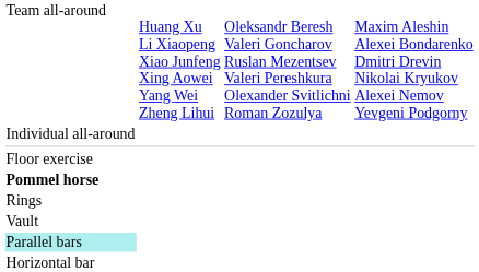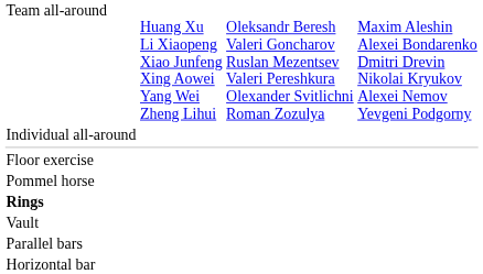 <table>
 <tr valign="top">
 <td>Team all-around<br></td>
 <td><br><a href='#'>Huang Xu</a><br><a href='#'>Li Xiaopeng</a><br><a href='#'>Xiao Junfeng</a><br><a href='#'>Xing Aowei</a><br><a href='#'>Yang Wei</a><br><a href='#'>Zheng Lihui</a></td>
 <td><br><a href='#'>Oleksandr Beresh</a><br><a href='#'>Valeri Goncharov</a><br><a href='#'>Ruslan Mezentsev</a><br><a href='#'>Valeri Pereshkura</a><br><a href='#'>Olexander Svitlichni</a><br><a href='#'>Roman Zozulya</a></td>
 <td><br><a href='#'>Maxim Aleshin</a><br><a href='#'>Alexei Bondarenko</a><br><a href='#'>Dmitri Drevin</a><br><a href='#'>Nikolai Kryukov</a><br><a href='#'>Alexei Nemov</a><br><a href='#'>Yevgeni Podgorny</a></td>
 </tr>
 <tr valign="top">
 <td>Individual all-around<br></td>
 <td></td>
 <td></td>
 <td></td>
 </tr>
 <tr bgcolor=#DDDDDD>
 <td colspan=7></td>
 </tr>
 <tr valign="top">
 <td>Floor exercise<br></td>
 <td></td>
 <td></td>
 <td></td>
 </tr>
 <tr valign="top">
-<td><strong>Pommel horse<br></strong></td>
+<td>Pommel horse<br></td>
 <td></td>
 <td></td>
 <td></td>
 </tr>
 <tr valign="top">
-<td>Rings<br></td>
+<td><strong>Rings<br></strong></td>
 <td></td>
 <td></td>
 <td></td>
 </tr>
 <tr valign="top">
 <td>Vault<br></td>
 <td></td>
 <td></td>
 <td></td>
 </tr>
 <tr valign="top">
-<td style="background: paleturquoise;">Parallel bars<br></td>
+<td>Parallel bars<br></td>
 <td></td>
 <td></td>
 <td></td>
 </tr>
 <tr valign="top">
 <td>Horizontal bar<br></td>
 <td></td>
 <td></td>
 <td></td>
 </tr>
 </table>
